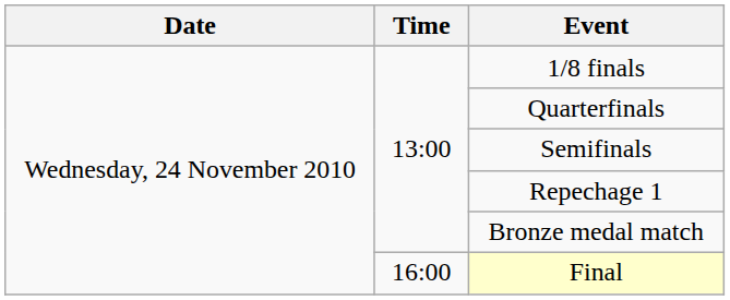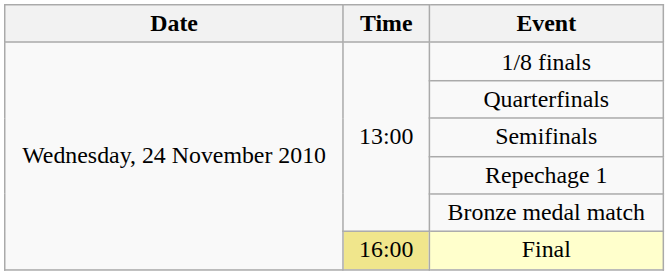 <table class = "wikitable" style="text-align:center;">
 <tr>
 <th width=220>Date</th>
 <th width=50>Time</th>
 <th width=150>Event</th>
 </tr>
 <tr>
 <td rowspan=6>Wednesday, 24 November 2010</td>
 <td rowspan=5>13:00</td>
 <td>1/8 finals</td>
 </tr>
 <tr>
 <td>Quarterfinals</td>
 </tr>
 <tr>
 <td>Semifinals</td>
 </tr>
 <tr>
 <td>Repechage 1</td>
 </tr>
 <tr>
 <td>Bronze medal match</td>
 </tr>
 <tr>
-<td>16:00</td>
+<td style="background: khaki;">16:00</td>
 <td bgcolor=ffffcc>Final</td>
 </tr>
 </table>
